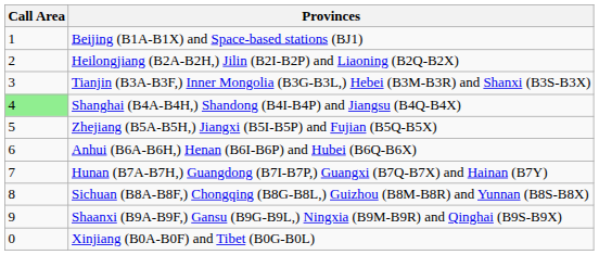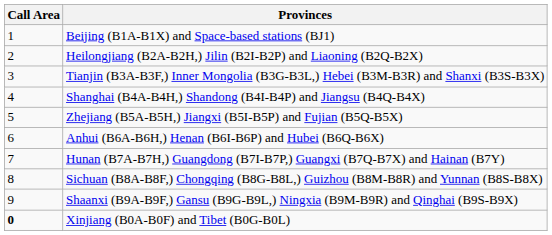 <table class="wikitable">
 <tr>
 <th>Call Area</th>
 <th>Provinces</th>
 </tr>
 <tr>
 <td>1</td>
 <td><a href='#'>Beijing</a> (B1A-B1X) and <a href='#'>Space-based stations</a> (BJ1)</td>
 </tr>
 <tr>
 <td>2</td>
 <td><a href='#'>Heilongjiang</a> (B2A-B2H,) <a href='#'>Jilin</a> (B2I-B2P) and <a href='#'>Liaoning</a> (B2Q-B2X)</td>
 </tr>
 <tr>
 <td>3</td>
 <td><a href='#'>Tianjin</a> (B3A-B3F,) <a href='#'>Inner Mongolia</a> (B3G-B3L,) <a href='#'>Hebei</a> (B3M-B3R) and <a href='#'>Shanxi</a> (B3S-B3X)</td>
 </tr>
 <tr>
-<td style="background: lightgreen;">4</td>
+<td>4</td>
 <td><a href='#'>Shanghai</a> (B4A-B4H,) <a href='#'>Shandong</a> (B4I-B4P) and <a href='#'>Jiangsu</a> (B4Q-B4X)</td>
 </tr>
 <tr>
 <td>5</td>
 <td><a href='#'>Zhejiang</a> (B5A-B5H,) <a href='#'>Jiangxi</a> (B5I-B5P) and <a href='#'>Fujian</a> (B5Q-B5X)</td>
 </tr>
 <tr>
 <td>6</td>
 <td><a href='#'>Anhui</a> (B6A-B6H,) <a href='#'>Henan</a> (B6I-B6P) and <a href='#'>Hubei</a> (B6Q-B6X)</td>
 </tr>
 <tr>
 <td>7</td>
 <td><a href='#'>Hunan</a> (B7A-B7H,) <a href='#'>Guangdong</a> (B7I-B7P,) <a href='#'>Guangxi</a> (B7Q-B7X) and <a href='#'>Hainan</a> (B7Y)</td>
 </tr>
 <tr>
 <td>8</td>
 <td><a href='#'>Sichuan</a> (B8A-B8F,) <a href='#'>Chongqing</a> (B8G-B8L,) <a href='#'>Guizhou</a> (B8M-B8R) and <a href='#'>Yunnan</a> (B8S-B8X)</td>
 </tr>
 <tr>
 <td>9</td>
 <td><a href='#'>Shaanxi</a> (B9A-B9F,) <a href='#'>Gansu</a> (B9G-B9L,) <a href='#'>Ningxia</a> (B9M-B9R) and <a href='#'>Qinghai</a> (B9S-B9X)</td>
 </tr>
 <tr>
-<td>0</td>
+<td><strong>0</strong></td>
 <td><a href='#'>Xinjiang</a> (B0A-B0F) and <a href='#'>Tibet</a> (B0G-B0L)</td>
 </tr>
 </table>
